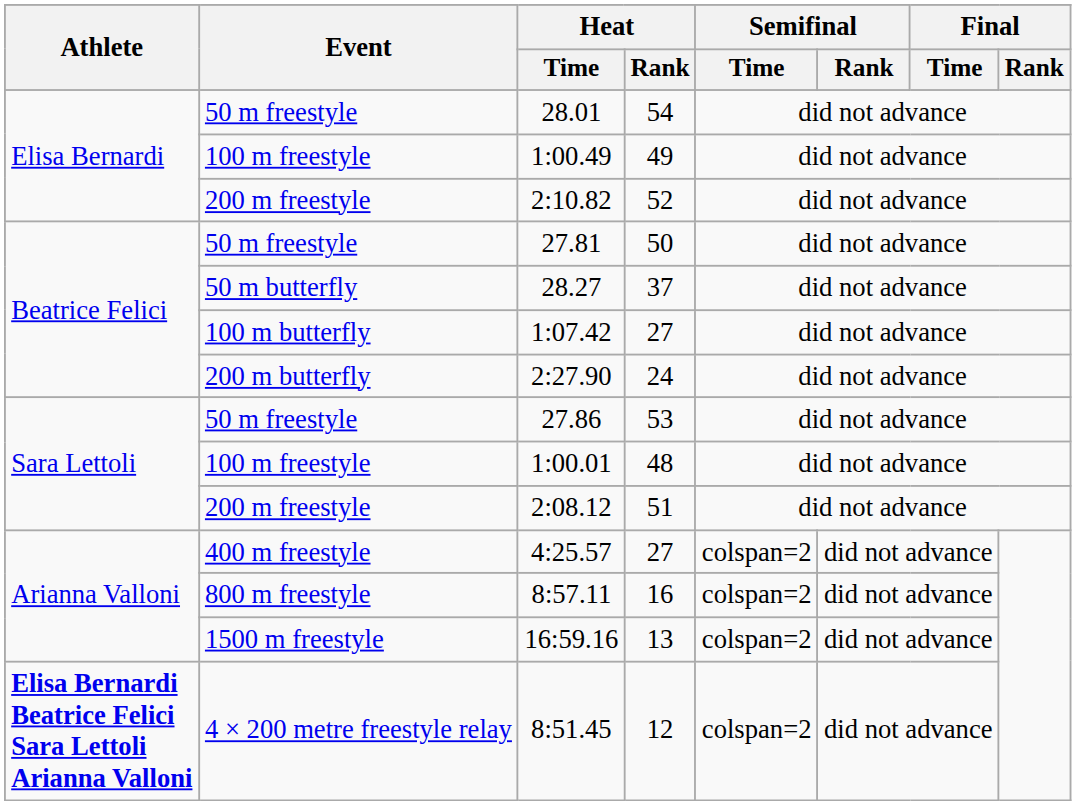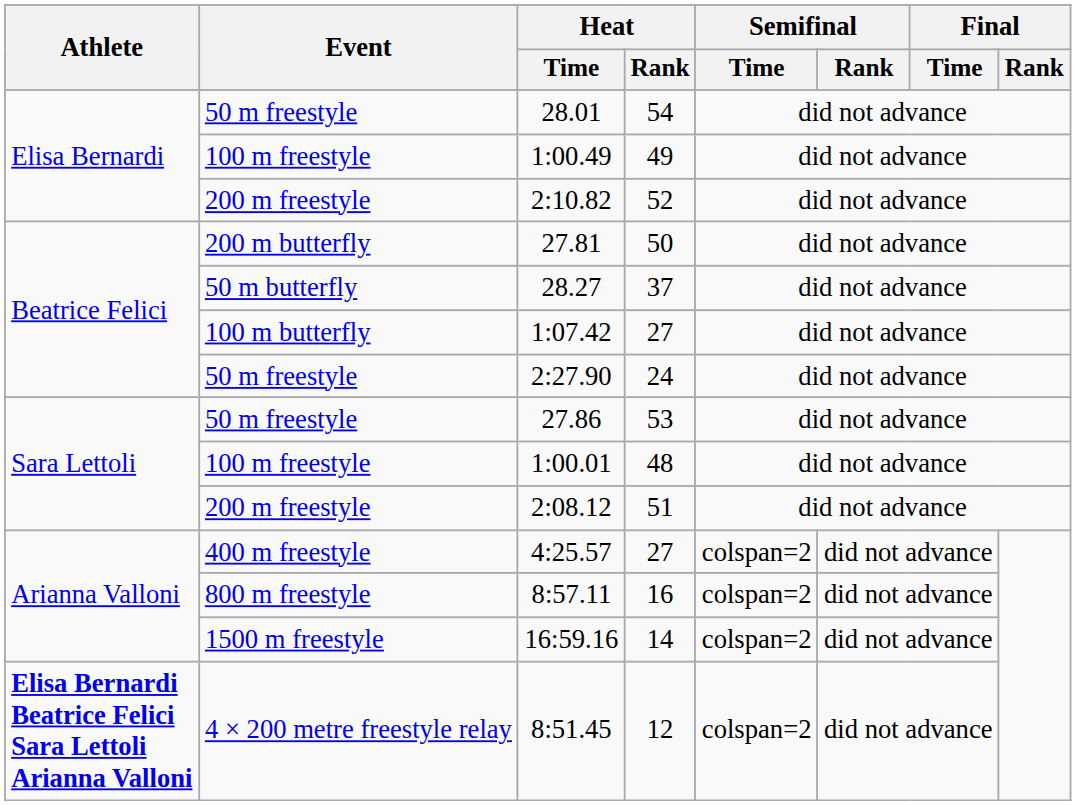 <table class=wikitable style="font-size:90%">
 <tr>
 <th rowspan="2">Athlete</th>
 <th rowspan="2">Event</th>
 <th colspan="2">Heat</th>
 <th colspan="2">Semifinal</th>
 <th colspan="2">Final</th>
 </tr>
 <tr style="font-size:95%">
 <th>Time</th>
 <th>Rank</th>
 <th>Time</th>
 <th>Rank</th>
 <th>Time</th>
 <th>Rank</th>
 </tr>
 <tr align=center>
 <td align=left rowspan=3><a href='#'>Elisa Bernardi</a></td>
 <td align=left><a href='#'>50 m freestyle</a></td>
 <td>28.01</td>
 <td>54</td>
 <td colspan=4>did not advance</td>
 </tr>
 <tr align=center>
 <td align=left><a href='#'>100 m freestyle</a></td>
 <td>1:00.49</td>
 <td>49</td>
 <td colspan=4>did not advance</td>
 </tr>
 <tr align=center>
 <td align=left><a href='#'>200 m freestyle</a></td>
 <td>2:10.82</td>
 <td>52</td>
 <td colspan=4>did not advance</td>
 </tr>
 <tr align=center>
 <td align=left rowspan=4><a href='#'>Beatrice Felici</a></td>
-<td align=left><a href='#'>50 m freestyle</a></td>
+<td align=left><a href='#'>200 m butterfly</a></td>
 <td>27.81</td>
 <td>50</td>
 <td colspan=4>did not advance</td>
 </tr>
 <tr align=center>
 <td align=left><a href='#'>50 m butterfly</a></td>
 <td>28.27</td>
 <td>37</td>
 <td colspan=4>did not advance</td>
 </tr>
 <tr align=center>
 <td align=left><a href='#'>100 m butterfly</a></td>
 <td>1:07.42</td>
 <td>27</td>
 <td colspan=4>did not advance</td>
 </tr>
 <tr align=center>
-<td align=left><a href='#'>200 m butterfly</a></td>
+<td align=left><a href='#'>50 m freestyle</a></td>
 <td>2:27.90</td>
 <td>24</td>
 <td colspan=4>did not advance</td>
 </tr>
 <tr align=center>
 <td align=left rowspan=3><a href='#'>Sara Lettoli</a></td>
 <td align=left><a href='#'>50 m freestyle</a></td>
 <td>27.86</td>
 <td>53</td>
 <td colspan=4>did not advance</td>
 </tr>
 <tr align=center>
 <td align=left><a href='#'>100 m freestyle</a></td>
 <td>1:00.01</td>
 <td>48</td>
 <td colspan=4>did not advance</td>
 </tr>
 <tr align=center>
 <td align=left><a href='#'>200 m freestyle</a></td>
 <td>2:08.12</td>
 <td>51</td>
 <td colspan=4>did not advance</td>
 </tr>
 <tr align=center>
 <td align=left rowspan=3><a href='#'>Arianna Valloni</a></td>
 <td align=left><a href='#'>400 m freestyle</a></td>
 <td>4:25.57</td>
 <td>27</td>
 <td>colspan=2 </td>
 <td colspan=2>did not advance</td>
 </tr>
 <tr align=center>
 <td align=left><a href='#'>800 m freestyle</a></td>
 <td>8:57.11</td>
 <td>16</td>
 <td>colspan=2 </td>
 <td colspan=2>did not advance</td>
 </tr>
 <tr align=center>
 <td align=left><a href='#'>1500 m freestyle</a></td>
 <td>16:59.16</td>
-<td>13</td>
+<td>14</td>
 <td>colspan=2 </td>
 <td colspan=2>did not advance</td>
 </tr>
 <tr align=center>
 <td align=left><strong><a href='#'>Elisa Bernardi</a><br><a href='#'>Beatrice Felici</a><br><a href='#'>Sara Lettoli</a><br><a href='#'>Arianna Valloni</a></strong></td>
 <td align=left><a href='#'>4 × 200 metre freestyle relay</a></td>
 <td>8:51.45</td>
 <td>12</td>
 <td>colspan=2 </td>
 <td colspan=2>did not advance</td>
 </tr>
 </table>
